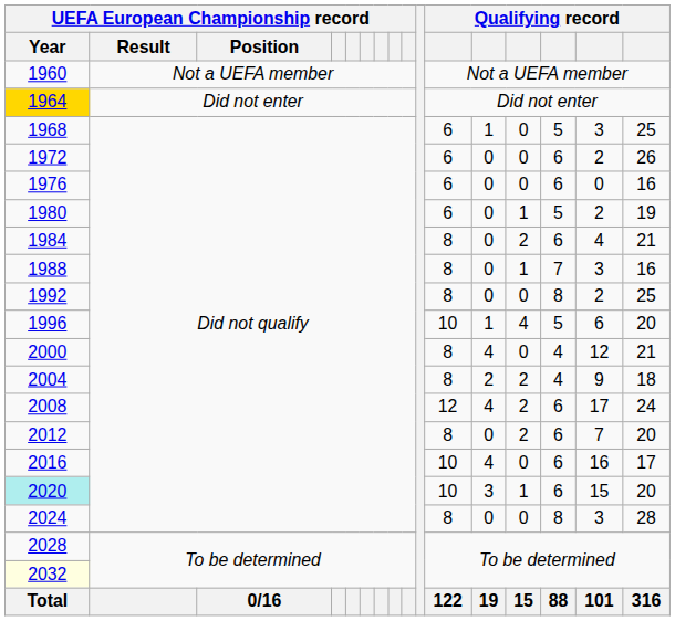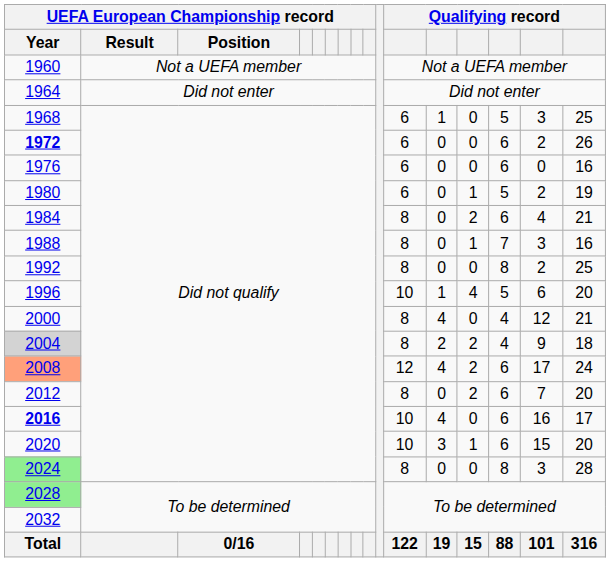 <table class="wikitable" style="text-align: center;">
 <tr>
 <th colspan=9><a href='#'>UEFA European Championship</a> record</th>
 <th width=1% rowspan=22></th>
 <th colspan=6><a href='#'>Qualifying</a> record</th>
 </tr>
 <tr>
 <th>Year</th>
 <th>Result</th>
 <th>Position</th>
 <th></th>
 <th></th>
 <th></th>
 <th></th>
 <th></th>
 <th></th>
 <th></th>
 <th></th>
 <th></th>
 <th></th>
 <th></th>
 <th></th>
 </tr>
 <tr>
 <td> <a href='#'>1960</a></td>
 <td colspan=8><em>Not a UEFA member</em></td>
 <td colspan=6><em>Not a UEFA member</em></td>
 </tr>
 <tr>
-<td style="background: gold;"> <a href='#'>1964</a></td>
+<td> <a href='#'>1964</a></td>
 <td colspan=8><em>Did not enter</em></td>
 <td colspan=6><em>Did not enter</em></td>
 </tr>
 <tr>
 <td> <a href='#'>1968</a></td>
 <td colspan=8 rowspan=15><em>Did not qualify</em></td>
 <td>6</td>
 <td>1</td>
 <td>0</td>
 <td>5</td>
 <td>3</td>
 <td>25</td>
 </tr>
 <tr>
-<td> <a href='#'>1972</a></td>
+<td><strong> <a href='#'>1972</a></strong></td>
 <td>6</td>
 <td>0</td>
 <td>0</td>
 <td>6</td>
 <td>2</td>
 <td>26</td>
 </tr>
 <tr>
 <td> <a href='#'>1976</a></td>
 <td>6</td>
 <td>0</td>
 <td>0</td>
 <td>6</td>
 <td>0</td>
 <td>16</td>
 </tr>
 <tr>
 <td> <a href='#'>1980</a></td>
 <td>6</td>
 <td>0</td>
 <td>1</td>
 <td>5</td>
 <td>2</td>
 <td>19</td>
 </tr>
 <tr>
 <td> <a href='#'>1984</a></td>
 <td>8</td>
 <td>0</td>
 <td>2</td>
 <td>6</td>
 <td>4</td>
 <td>21</td>
 </tr>
 <tr>
 <td> <a href='#'>1988</a></td>
 <td>8</td>
 <td>0</td>
 <td>1</td>
 <td>7</td>
 <td>3</td>
 <td>16</td>
 </tr>
 <tr>
 <td> <a href='#'>1992</a></td>
 <td>8</td>
 <td>0</td>
 <td>0</td>
 <td>8</td>
 <td>2</td>
 <td>25</td>
 </tr>
 <tr>
 <td> <a href='#'>1996</a></td>
 <td>10</td>
 <td>1</td>
 <td>4</td>
 <td>5</td>
 <td>6</td>
 <td>20</td>
 </tr>
 <tr>
 <td>  <a href='#'>2000</a></td>
 <td>8</td>
 <td>4</td>
 <td>0</td>
 <td>4</td>
 <td>12</td>
 <td>21</td>
 </tr>
 <tr>
-<td> <a href='#'>2004</a></td>
+<td style="background: lightgrey;"> <a href='#'>2004</a></td>
 <td>8</td>
 <td>2</td>
 <td>2</td>
 <td>4</td>
 <td>9</td>
 <td>18</td>
 </tr>
 <tr>
-<td>  <a href='#'>2008</a></td>
+<td style="background: lightsalmon;">  <a href='#'>2008</a></td>
 <td>12</td>
 <td>4</td>
 <td>2</td>
 <td>6</td>
 <td>17</td>
 <td>24</td>
 </tr>
 <tr>
 <td>  <a href='#'>2012</a></td>
 <td>8</td>
 <td>0</td>
 <td>2</td>
 <td>6</td>
 <td>7</td>
 <td>20</td>
 </tr>
 <tr>
-<td> <a href='#'>2016</a></td>
+<td><strong> <a href='#'>2016</a></strong></td>
 <td>10</td>
 <td>4</td>
 <td>0</td>
 <td>6</td>
 <td>16</td>
 <td>17</td>
 </tr>
 <tr>
-<td style="background: paleturquoise;"> <a href='#'>2020</a></td>
+<td> <a href='#'>2020</a></td>
 <td>10</td>
 <td>3</td>
 <td>1</td>
 <td>6</td>
 <td>15</td>
 <td>20</td>
 </tr>
 <tr>
-<td> <a href='#'>2024</a></td>
+<td style="background: lightgreen;"> <a href='#'>2024</a></td>
 <td>8</td>
 <td>0</td>
 <td>0</td>
 <td>8</td>
 <td>3</td>
 <td>28</td>
 </tr>
 <tr>
-<td>  <a href='#'>2028</a></td>
+<td style="background: lightgreen;">  <a href='#'>2028</a></td>
 <td colspan=8 rowspan=2><em>To be determined</em></td>
 <td colspan=6 rowspan=2><em>To be determined</em></td>
 </tr>
 <tr>
-<td style="background: lightyellow;">  <a href='#'>2032</a></td>
+<td>  <a href='#'>2032</a></td>
 </tr>
 <tr>
 <th>Total</th>
 <th></th>
 <th>0/16</th>
 <th></th>
 <th></th>
 <th></th>
 <th></th>
 <th></th>
 <th></th>
 <th>122</th>
 <th>19</th>
 <th>15</th>
 <th>88</th>
 <th>101</th>
 <th>316</th>
 </tr>
 </table>
